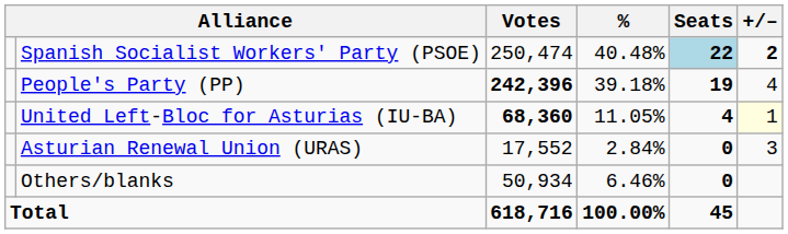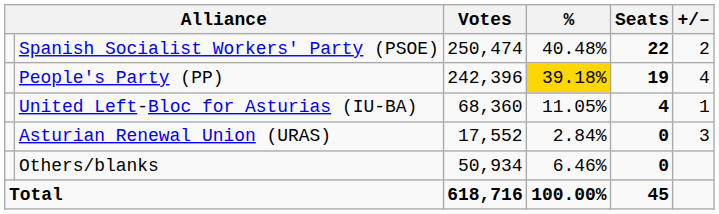 <table class="wikitable" style="font-size:100%; text-align:right;">
 <tr>
 <th colspan="2">Alliance</th>
 <th>Votes</th>
 <th>%</th>
 <th>Seats</th>
 <th>+/–</th>
 </tr>
 <tr>
 <td width="1"></td>
 <td align="left"><a href='#'>Spanish Socialist Workers' Party</a> (PSOE)</td>
 <td>250,474</td>
 <td>40.48%</td>
-<td style="background: lightblue;"><strong>22</strong></td>
-<td><strong>2</strong></td>
+<td><strong>22</strong></td>
+<td>2</td>
 </tr>
 <tr>
 <td></td>
 <td align="left"><a href='#'>People's Party</a> (PP)</td>
-<td><strong>242,396</strong></td>
-<td>39.18%</td>
+<td>242,396</td>
+<td style="background: gold;">39.18%</td>
 <td><strong>19</strong></td>
 <td>4</td>
 </tr>
 <tr>
 <td></td>
 <td align="left"><a href='#'>United Left</a>-<a href='#'>Bloc for Asturias</a> (IU-BA)</td>
-<td><strong>68,360</strong></td>
+<td>68,360</td>
 <td>11.05%</td>
 <td><strong>4</strong></td>
-<td style="background: lightyellow;">1</td>
+<td>1</td>
 </tr>
 <tr>
 <td></td>
 <td align="left"><a href='#'>Asturian Renewal Union</a> (URAS)</td>
 <td>17,552</td>
 <td>2.84%</td>
 <td><strong>0</strong></td>
 <td>3</td>
 </tr>
 <tr>
 <td></td>
 <td align="left">Others/blanks</td>
 <td>50,934</td>
 <td>6.46%</td>
 <td><strong>0</strong></td>
 <td></td>
 </tr>
 <tr style="font-weight:bold">
 <td colspan="2" align="left">Total</td>
 <td>618,716</td>
 <td>100.00%</td>
 <td>45</td>
 <td></td>
 </tr>
 </table>
